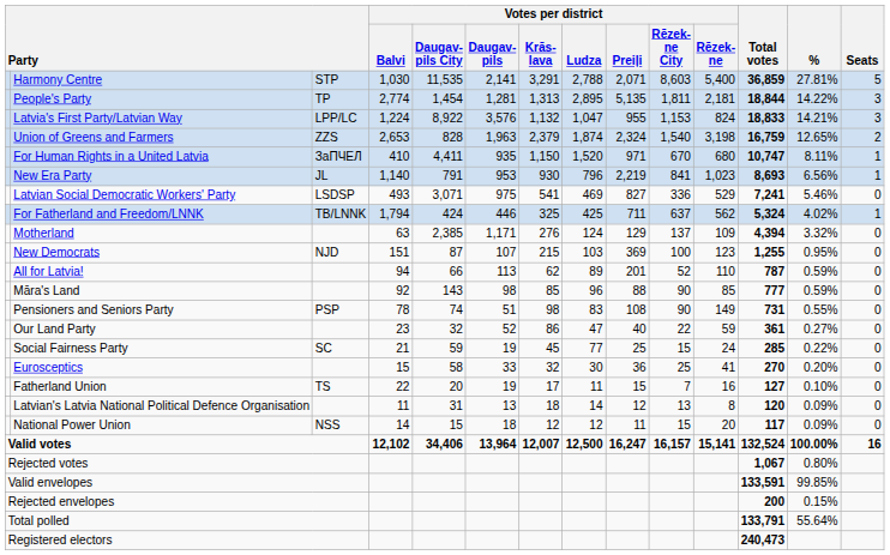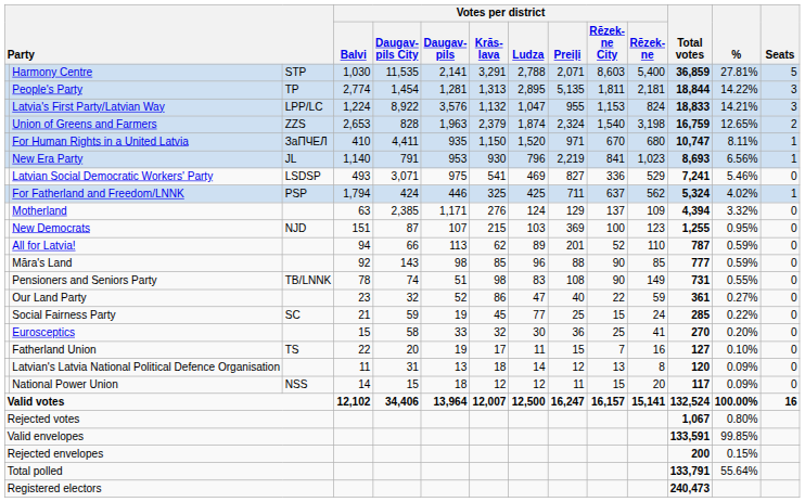 <table class="wikitable" border="1" style="text-align:right;">
 <tr>
 <th style="text-align:left;" valign=bottom rowspan=2 colspan=3>Party</th>
 <th colspan=8>Votes per district</th>
 <th align=center valign=bottom rowspan=2 width="50">Total votes</th>
 <th align=center valign=bottom rowspan=2 width="50">%</th>
 <th align=center valign=bottom rowspan=2 width="50">Seats</th>
 </tr>
 <tr>
 <th align=center valign=bottom width="50"><a href='#'>Balvi</a></th>
 <th align=center valign=bottom width="50"><a href='#'>Daugav- pils City</a></th>
 <th align=center valign=bottom width="50"><a href='#'>Daugav- pils</a></th>
 <th align=center valign=bottom width="50"><a href='#'>Krās- lava</a></th>
 <th align=center valign=bottom width="50"><a href='#'>Ludza</a></th>
 <th align=center valign=bottom width="50"><a href='#'>Preiļi</a></th>
 <th align=center valign=bottom width="50"><a href='#'>Rēzek- ne City</a></th>
 <th align=center valign=bottom width="50"><a href='#'>Rēzek- ne</a></th>
 </tr>
 <tr style="background:#CEE0F2;">
 <td></td>
 <td align=left><a href='#'>Harmony Centre</a></td>
 <td align=left>STP</td>
 <td>1,030</td>
 <td>11,535</td>
 <td>2,141</td>
 <td>3,291</td>
 <td>2,788</td>
 <td>2,071</td>
 <td>8,603</td>
 <td>5,400</td>
 <td><strong>36,859</strong></td>
 <td>27.81%</td>
 <td>5</td>
 </tr>
 <tr style="background:#CEE0F2;">
 <td></td>
 <td align=left><a href='#'>People's Party</a></td>
 <td align=left>TP</td>
 <td>2,774</td>
 <td>1,454</td>
 <td>1,281</td>
 <td>1,313</td>
 <td>2,895</td>
 <td>5,135</td>
 <td>1,811</td>
 <td>2,181</td>
 <td><strong>18,844</strong></td>
 <td>14.22%</td>
 <td>3</td>
 </tr>
 <tr style="background:#CEE0F2;">
 <td></td>
 <td align=left><a href='#'>Latvia's First Party/Latvian Way</a></td>
 <td align=left>LPP/LC</td>
 <td>1,224</td>
 <td>8,922</td>
 <td>3,576</td>
 <td>1,132</td>
 <td>1,047</td>
 <td>955</td>
 <td>1,153</td>
 <td>824</td>
 <td><strong>18,833</strong></td>
 <td>14.21%</td>
 <td>3</td>
 </tr>
 <tr style="background:#CEE0F2;">
 <td></td>
 <td align=left><a href='#'>Union of Greens and Farmers</a></td>
 <td align=left>ZZS</td>
 <td>2,653</td>
 <td>828</td>
 <td>1,963</td>
 <td>2,379</td>
 <td>1,874</td>
 <td>2,324</td>
 <td>1,540</td>
 <td>3,198</td>
 <td><strong>16,759</strong></td>
 <td>12.65%</td>
 <td>2</td>
 </tr>
 <tr style="background:#CEE0F2;">
 <td></td>
 <td align=left><a href='#'>For Human Rights in a United Latvia</a></td>
 <td align=left>ЗаПЧЕЛ</td>
 <td>410</td>
 <td>4,411</td>
 <td>935</td>
 <td>1,150</td>
 <td>1,520</td>
 <td>971</td>
 <td>670</td>
 <td>680</td>
 <td><strong>10,747</strong></td>
 <td>8.11%</td>
 <td>1</td>
 </tr>
 <tr style="background:#CEE0F2;">
 <td></td>
 <td align=left><a href='#'>New Era Party</a></td>
 <td align=left>JL</td>
 <td>1,140</td>
 <td>791</td>
 <td>953</td>
 <td>930</td>
 <td>796</td>
 <td>2,219</td>
 <td>841</td>
 <td>1,023</td>
 <td><strong>8,693</strong></td>
 <td>6.56%</td>
 <td>1</td>
 </tr>
 <tr>
 <td></td>
 <td align=left style="white-space: nowrap;"><a href='#'>Latvian Social Democratic Workers' Party</a></td>
 <td align=left>LSDSP</td>
 <td>493</td>
 <td>3,071</td>
 <td>975</td>
 <td>541</td>
 <td>469</td>
 <td>827</td>
 <td>336</td>
 <td>529</td>
 <td><strong>7,241</strong></td>
 <td>5.46%</td>
 <td>0</td>
 </tr>
 <tr style="background:#CEE0F2;">
 <td></td>
 <td align=left><a href='#'>For Fatherland and Freedom/LNNK</a></td>
-<td align=left>TB/LNNK</td>
+<td align=left>PSP</td>
 <td>1,794</td>
 <td>424</td>
 <td>446</td>
 <td>325</td>
 <td>425</td>
 <td>711</td>
 <td>637</td>
 <td>562</td>
 <td><strong>5,324</strong></td>
 <td>4.02%</td>
 <td>1</td>
 </tr>
 <tr>
 <td></td>
 <td align=left><a href='#'>Motherland</a></td>
 <td align=left></td>
 <td>63</td>
 <td>2,385</td>
 <td>1,171</td>
 <td>276</td>
 <td>124</td>
 <td>129</td>
 <td>137</td>
 <td>109</td>
 <td><strong>4,394</strong></td>
 <td>3.32%</td>
 <td>0</td>
 </tr>
 <tr>
 <td></td>
 <td align=left><a href='#'>New Democrats</a></td>
 <td align=left>NJD</td>
 <td>151</td>
 <td>87</td>
 <td>107</td>
 <td>215</td>
 <td>103</td>
 <td>369</td>
 <td>100</td>
 <td>123</td>
 <td><strong>1,255</strong></td>
 <td>0.95%</td>
 <td>0</td>
 </tr>
 <tr>
 <td></td>
 <td align=left><a href='#'>All for Latvia!</a></td>
 <td align=left></td>
 <td>94</td>
 <td>66</td>
 <td>113</td>
 <td>62</td>
 <td>89</td>
 <td>201</td>
 <td>52</td>
 <td>110</td>
 <td><strong>787</strong></td>
 <td>0.59%</td>
 <td>0</td>
 </tr>
 <tr>
 <td></td>
 <td align=left>Māra's Land</td>
 <td align=left></td>
 <td>92</td>
 <td>143</td>
 <td>98</td>
 <td>85</td>
 <td>96</td>
 <td>88</td>
 <td>90</td>
 <td>85</td>
 <td><strong>777</strong></td>
 <td>0.59%</td>
 <td>0</td>
 </tr>
 <tr>
 <td></td>
 <td align=left>Pensioners and Seniors Party</td>
-<td align=left>PSP</td>
+<td align=left>TB/LNNK</td>
 <td>78</td>
 <td>74</td>
 <td>51</td>
 <td>98</td>
 <td>83</td>
 <td>108</td>
 <td>90</td>
 <td>149</td>
 <td><strong>731</strong></td>
 <td>0.55%</td>
 <td>0</td>
 </tr>
 <tr>
 <td></td>
 <td align=left>Our Land Party</td>
 <td align=left></td>
 <td>23</td>
 <td>32</td>
 <td>52</td>
 <td>86</td>
 <td>47</td>
 <td>40</td>
 <td>22</td>
 <td>59</td>
 <td><strong>361</strong></td>
 <td>0.27%</td>
 <td>0</td>
 </tr>
 <tr>
 <td></td>
 <td align=left>Social Fairness Party</td>
 <td align=left>SC</td>
 <td>21</td>
 <td>59</td>
 <td>19</td>
 <td>45</td>
 <td>77</td>
 <td>25</td>
 <td>15</td>
 <td>24</td>
 <td><strong>285</strong></td>
 <td>0.22%</td>
 <td>0</td>
 </tr>
 <tr>
 <td></td>
 <td align=left><a href='#'>Eurosceptics</a></td>
 <td align=left></td>
 <td>15</td>
 <td>58</td>
 <td>33</td>
 <td>32</td>
 <td>30</td>
 <td>36</td>
 <td>25</td>
 <td>41</td>
 <td><strong>270</strong></td>
 <td>0.20%</td>
 <td>0</td>
 </tr>
 <tr>
 <td></td>
 <td align=left>Fatherland Union</td>
 <td align=left>TS</td>
 <td>22</td>
 <td>20</td>
 <td>19</td>
 <td>17</td>
 <td>11</td>
 <td>15</td>
 <td>7</td>
 <td>16</td>
 <td><strong>127</strong></td>
 <td>0.10%</td>
 <td>0</td>
 </tr>
 <tr>
 <td></td>
 <td align=left>Latvian's Latvia National Political Defence Organisation</td>
 <td align=left></td>
 <td>11</td>
 <td>31</td>
 <td>13</td>
 <td>18</td>
 <td>14</td>
 <td>12</td>
 <td>13</td>
 <td>8</td>
 <td><strong>120</strong></td>
 <td>0.09%</td>
 <td>0</td>
 </tr>
 <tr>
 <td></td>
 <td align=left>National Power Union</td>
 <td align=left>NSS</td>
 <td>14</td>
 <td>15</td>
 <td>18</td>
 <td>12</td>
 <td>12</td>
 <td>11</td>
 <td>15</td>
 <td>20</td>
 <td><strong>117</strong></td>
 <td>0.09%</td>
 <td>0</td>
 </tr>
 <tr style="font-weight:bold">
 <td align=left colspan=3>Valid votes</td>
 <td>12,102</td>
 <td>34,406</td>
 <td>13,964</td>
 <td>12,007</td>
 <td>12,500</td>
 <td>16,247</td>
 <td>16,157</td>
 <td>15,141</td>
 <td>132,524</td>
 <td>100.00%</td>
 <td>16</td>
 </tr>
 <tr>
 <td align=left colspan=3>Rejected votes</td>
 <td></td>
 <td></td>
 <td></td>
 <td></td>
 <td></td>
 <td></td>
 <td></td>
 <td></td>
 <td><strong>1,067</strong></td>
 <td>0.80%</td>
 <td></td>
 </tr>
 <tr>
 <td align=left colspan=3>Valid envelopes</td>
 <td></td>
 <td></td>
 <td></td>
 <td></td>
 <td></td>
 <td></td>
 <td></td>
 <td></td>
 <td><strong>133,591</strong></td>
 <td>99.85%</td>
 <td></td>
 </tr>
 <tr>
 <td align=left colspan=3>Rejected envelopes</td>
 <td></td>
 <td></td>
 <td></td>
 <td></td>
 <td></td>
 <td></td>
 <td></td>
 <td></td>
 <td><strong>200</strong></td>
 <td>0.15%</td>
 <td></td>
 </tr>
 <tr>
 <td align=left colspan=3>Total polled</td>
 <td></td>
 <td></td>
 <td></td>
 <td></td>
 <td></td>
 <td></td>
 <td></td>
 <td></td>
 <td><strong>133,791</strong></td>
 <td>55.64%</td>
 <td></td>
 </tr>
 <tr>
 <td align=left colspan=3>Registered electors</td>
 <td></td>
 <td></td>
 <td></td>
 <td></td>
 <td></td>
 <td></td>
 <td></td>
 <td></td>
 <td><strong>240,473</strong></td>
 <td></td>
 <td></td>
 </tr>
 </table>
